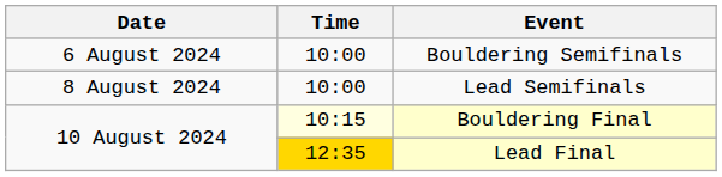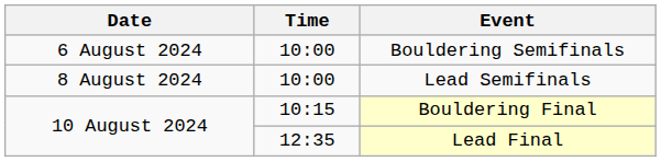 <table class = "wikitable" style="text-align:center;">
 <tr>
 <th width=168>Date</th>
 <th width=68>Time</th>
 <th width=200>Event</th>
 </tr>
 <tr>
 <td>6 August 2024</td>
 <td>10:00</td>
 <td>Bouldering Semifinals</td>
 </tr>
 <tr>
 <td>8 August 2024</td>
 <td>10:00</td>
 <td>Lead Semifinals</td>
 </tr>
 <tr>
 <td rowspan=2>10 August 2024</td>
-<td style="background: lightyellow;">10:15</td>
+<td>10:15</td>
 <td bgcolor=ffffcc>Bouldering Final</td>
 </tr>
 <tr>
-<td style="background: gold;">12:35</td>
+<td>12:35</td>
 <td bgcolor=ffffcc>Lead Final</td>
 </tr>
 </table>
